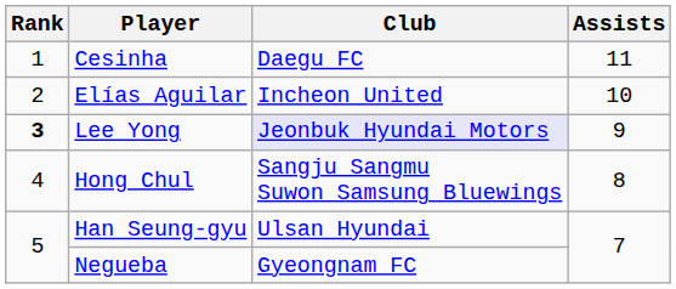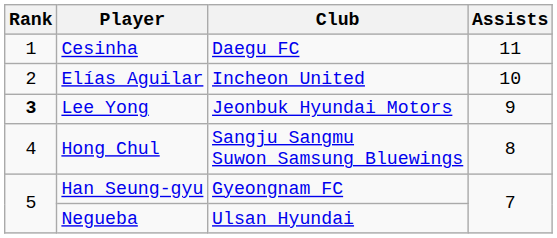 <table class=wikitable>
 <tr>
 <th>Rank</th>
 <th>Player</th>
 <th>Club</th>
 <th>Assists</th>
 </tr>
 <tr>
 <td align="center">1</td>
 <td> <a href='#'>Cesinha</a></td>
 <td><a href='#'>Daegu FC</a></td>
 <td align=center>11</td>
 </tr>
 <tr>
 <td align="center">2</td>
 <td> <a href='#'>Elías Aguilar</a></td>
 <td><a href='#'>Incheon United</a></td>
 <td align=center>10</td>
 </tr>
 <tr>
 <td align="center"><strong>3</strong></td>
 <td> <a href='#'>Lee Yong</a></td>
-<td style="background: lavender;"><a href='#'>Jeonbuk Hyundai Motors</a></td>
+<td><a href='#'>Jeonbuk Hyundai Motors</a></td>
 <td align=center>9</td>
 </tr>
 <tr>
 <td align="center">4</td>
 <td> <a href='#'>Hong Chul</a></td>
 <td><a href='#'>Sangju Sangmu</a><br><a href='#'>Suwon Samsung Bluewings</a></td>
 <td align=center>8</td>
 </tr>
 <tr>
 <td align="center" rowspan=2>5</td>
 <td> <a href='#'>Han Seung-gyu</a></td>
-<td><a href='#'>Ulsan Hyundai</a></td>
+<td><a href='#'>Gyeongnam FC</a></td>
 <td align=center rowspan=2>7</td>
 </tr>
 <tr>
 <td> <a href='#'>Negueba</a></td>
-<td><a href='#'>Gyeongnam FC</a></td>
+<td><a href='#'>Ulsan Hyundai</a></td>
 </tr>
 </table>
